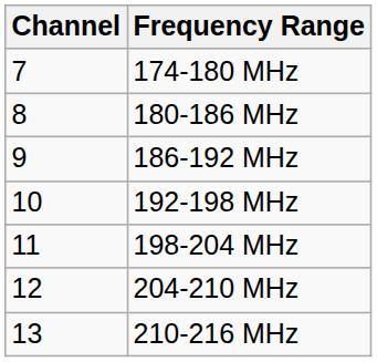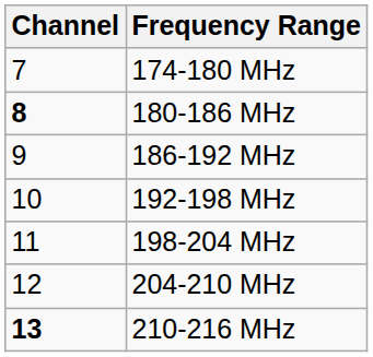 <table class="wikitable sortable static-row-numbers">
 <tr>
 <th>Channel</th>
 <th>Frequency Range</th>
 </tr>
 <tr>
 <td>7</td>
 <td>174-180 MHz</td>
 </tr>
 <tr>
-<td>8</td>
+<td><strong>8</strong></td>
 <td>180-186 MHz</td>
 </tr>
 <tr>
 <td>9</td>
 <td>186-192 MHz</td>
 </tr>
 <tr>
 <td>10</td>
 <td>192-198 MHz</td>
 </tr>
 <tr>
 <td>11</td>
 <td>198-204 MHz</td>
 </tr>
 <tr>
 <td>12</td>
 <td>204-210 MHz</td>
 </tr>
 <tr>
-<td>13</td>
+<td><strong>13</strong></td>
 <td>210-216 MHz</td>
 </tr>
 </table>
